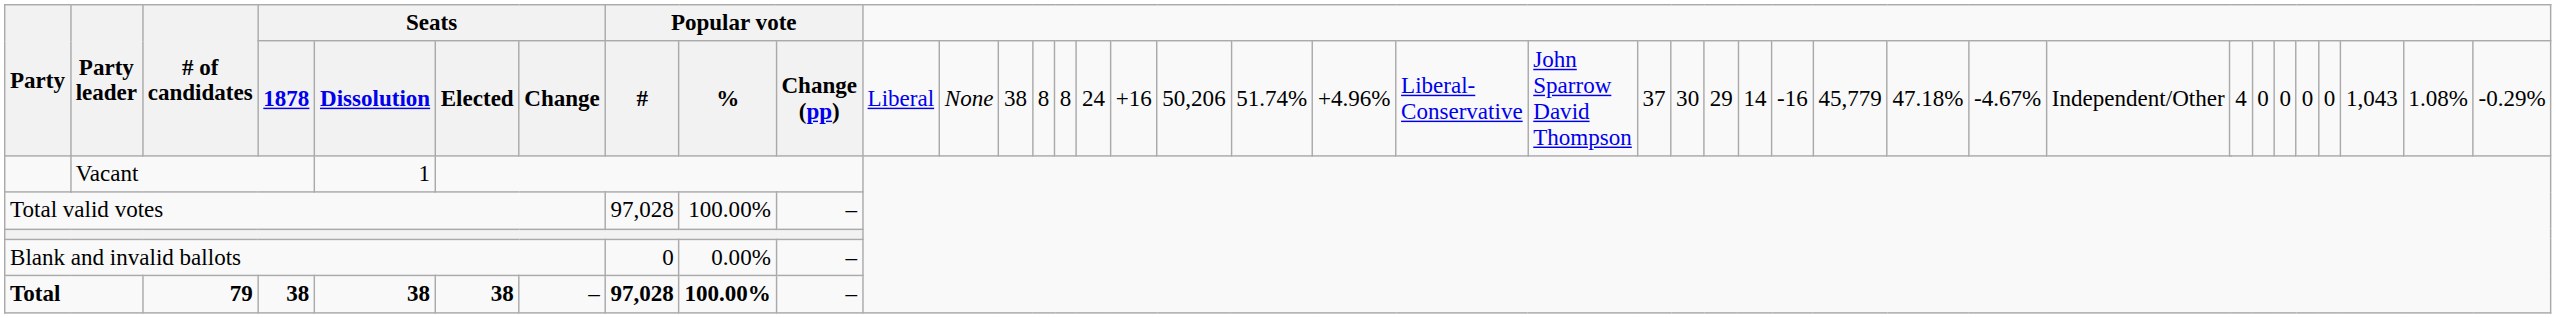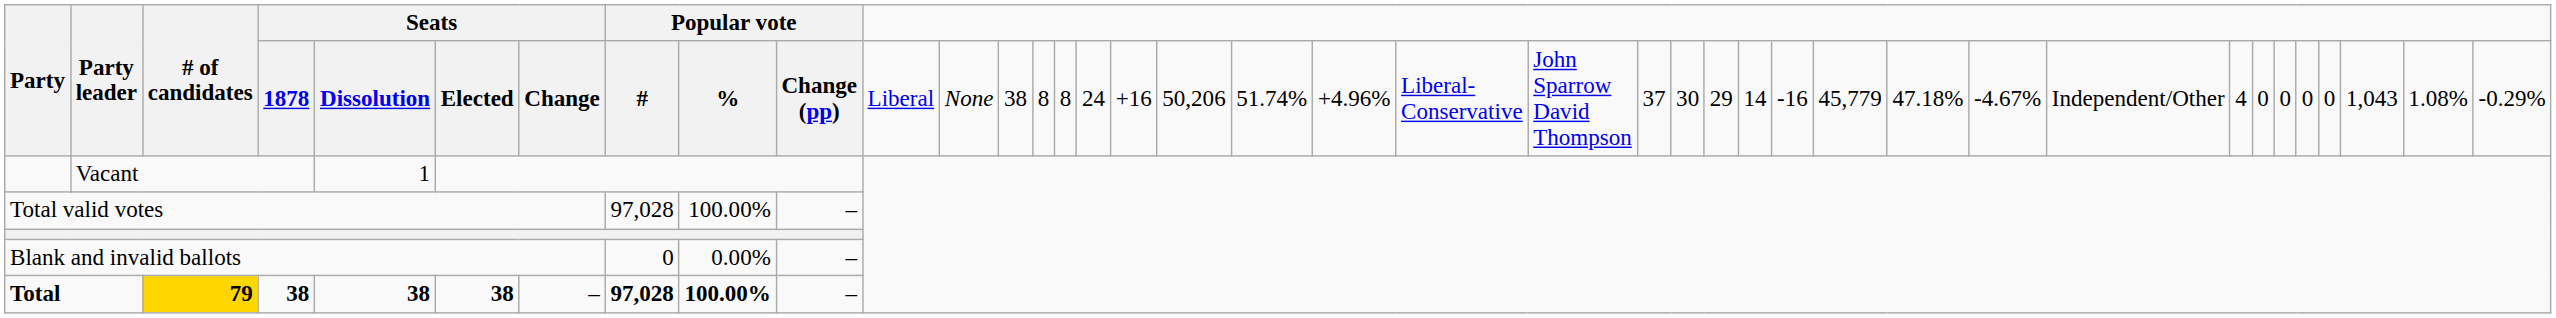 <table class="wikitable">
 <tr>
 <th rowspan="2" colspan="2">Party</th>
 <th rowspan="2">Party leader</th>
 <th rowspan="2"># of<br>candidates</th>
 <th colspan="4">Seats</th>
 <th colspan="3">Popular vote</th>
 </tr>
 <tr>
 <th><a href='#'>1878</a></th>
 <th><span><a href='#'>Dissolution</a></span></th>
 <th>Elected</th>
 <th>Change</th>
 <th>#</th>
 <th>%</th>
 <th>Change (<a href='#'>pp</a>)<br></th>
 <td><a href='#'>Liberal</a></td>
 <td><em>None</em></td>
 <td align="right">38</td>
 <td align="right">8</td>
 <td align="right">8</td>
 <td align="right">24</td>
 <td align="right">+16</td>
 <td align="right">50,206</td>
 <td align="right">51.74%</td>
 <td align="right">+4.96%<br></td>
 <td><a href='#'>Liberal-Conservative</a></td>
 <td><a href='#'>John Sparrow David Thompson</a></td>
 <td align="right">37</td>
 <td align="right">30</td>
 <td align="right">29</td>
 <td align="right">14</td>
 <td align="right">-16</td>
 <td align="right">45,779</td>
 <td align="right">47.18%</td>
 <td align="right">-4.67%<br></td>
 <td colspan=2>Independent/Other</td>
 <td align="right">4</td>
 <td align="right">0</td>
 <td align="right">0</td>
 <td align="right">0</td>
 <td align="right">0</td>
 <td align="right">1,043</td>
 <td align="right">1.08%</td>
 <td align="right">-0.29%</td>
 </tr>
 <tr>
 <td> </td>
 <td colspan=4>Vacant</td>
 <td align="right">1</td>
 <td colspan=5> </td>
 </tr>
 <tr>
 <td colspan="8">Total valid votes</td>
 <td align="right">97,028</td>
 <td align="right">100.00%</td>
 <td align="right">–</td>
 </tr>
 <tr>
 <th colspan="11"></th>
 </tr>
 <tr>
 <td colspan="8">Blank and invalid ballots</td>
 <td align="right">0</td>
 <td align="right">0.00%</td>
 <td align="right">–</td>
 </tr>
 <tr>
 <td colspan=3><strong>Total</strong></td>
-<td align="right"><strong>79</strong></td>
+<td align="right" style="background: gold;"><strong>79</strong></td>
 <td align="right"><strong>38</strong></td>
 <td align="right"><strong>38</strong></td>
 <td align="right"><strong>38</strong></td>
 <td align="right">–</td>
 <td align="right"><strong>97,028</strong></td>
 <td align="right"><strong>100.00%</strong></td>
 <td align="right">–</td>
 </tr>
 </table>
